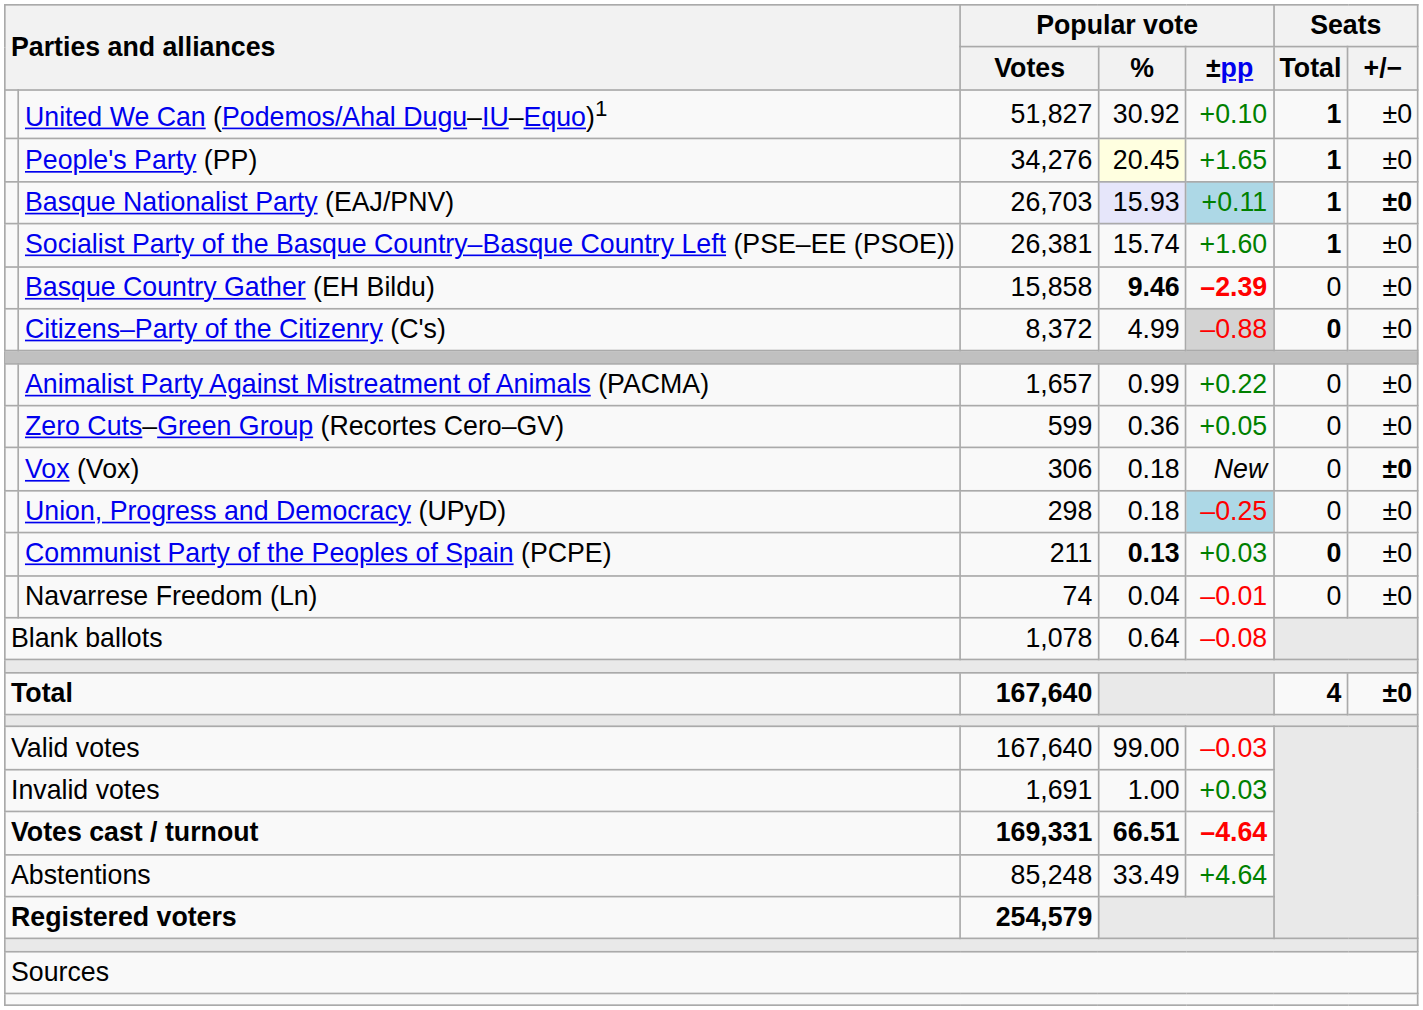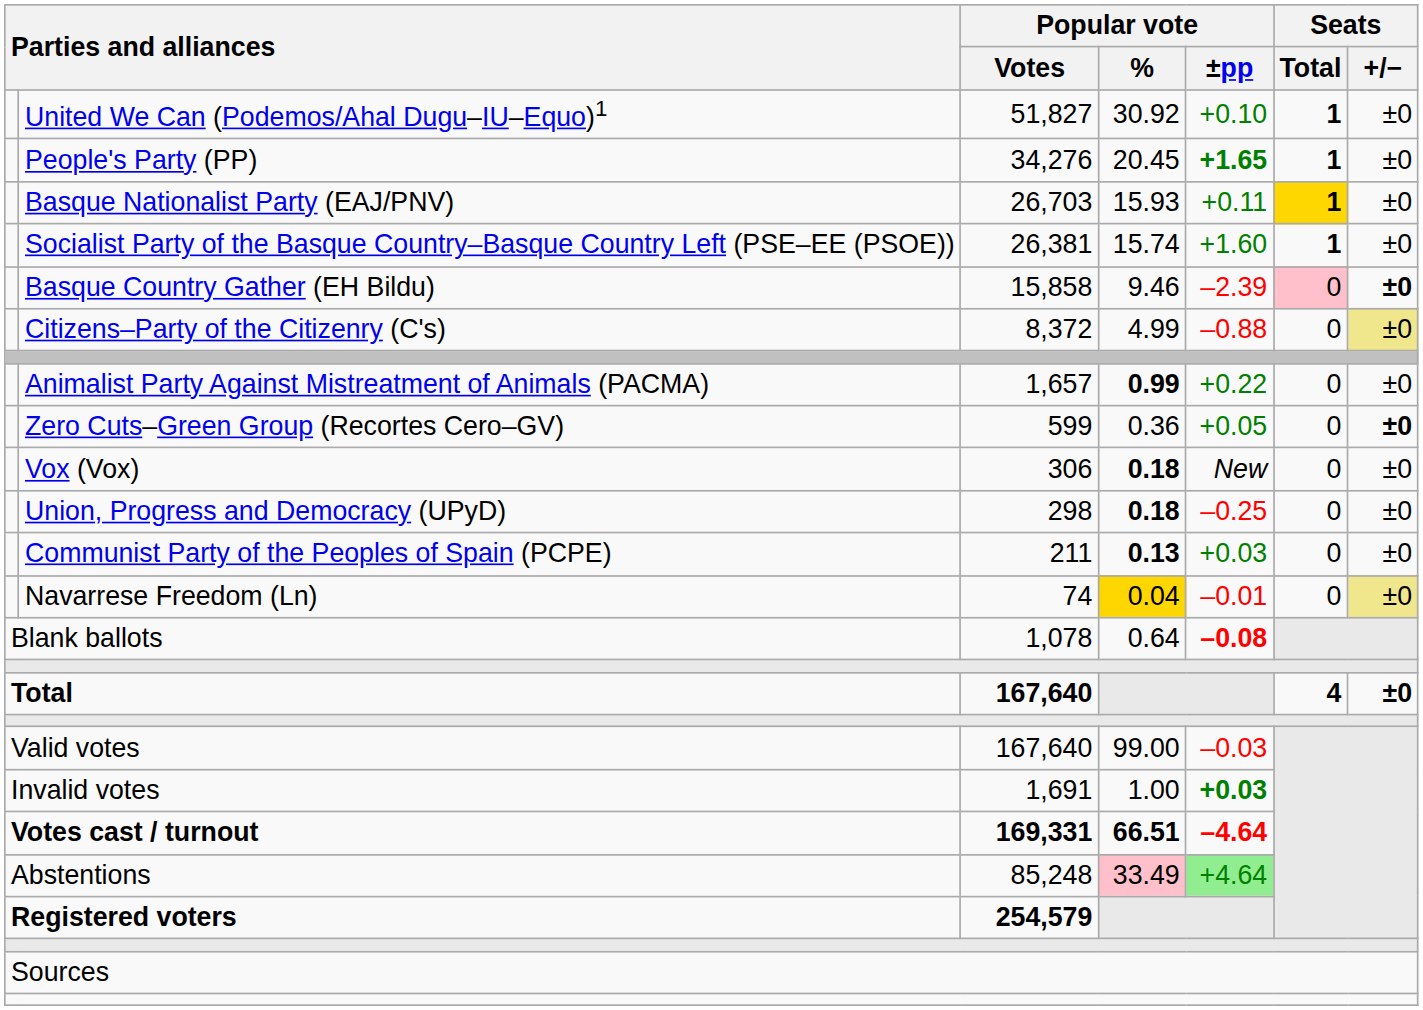 <table class="wikitable" style="text-align:right;">
 <tr>
 <th style="text-align:left;" rowspan="2" colspan="2" width="525">Parties and alliances</th>
 <th colspan="3">Popular vote</th>
 <th colspan="2">Seats</th>
 </tr>
 <tr>
 <th width="75">Votes</th>
 <th width="45">%</th>
 <th width="45">±<a href='#'>pp</a></th>
 <th width="35">Total</th>
 <th width="35">+/−</th>
 </tr>
 <tr>
 <td width="1" style="color:inherit;background:"></td>
 <td align="left"><a href='#'>United We Can</a> (<a href='#'>Podemos/Ahal Dugu</a>–<a href='#'>IU</a>–<a href='#'>Equo</a>)<sup>1</sup></td>
 <td>51,827</td>
 <td>30.92</td>
 <td style="color:green;">+0.10</td>
 <td><strong>1</strong></td>
 <td>±0</td>
 </tr>
 <tr>
 <td style="color:inherit;background:"></td>
 <td align="left"><a href='#'>People's Party</a> (PP)</td>
 <td>34,276</td>
-<td style="background: lightyellow;">20.45</td>
-<td style="color:green;">+1.65</td>
+<td>20.45</td>
+<td style="color:green;"><strong>+1.65</strong></td>
 <td><strong>1</strong></td>
 <td>±0</td>
 </tr>
 <tr>
 <td style="color:inherit;background:"></td>
 <td align="left"><a href='#'>Basque Nationalist Party</a> (EAJ/PNV)</td>
 <td>26,703</td>
-<td style="background: lavender;">15.93</td>
-<td style="background: lightblue; color:green;">+0.11</td>
-<td><strong>1</strong></td>
-<td><strong>±0</strong></td>
+<td>15.93</td>
+<td style="color:green;">+0.11</td>
+<td style="background: gold;"><strong>1</strong></td>
+<td>±0</td>
 </tr>
 <tr>
 <td style="color:inherit;background:"></td>
 <td align="left"><a href='#'>Socialist Party of the Basque Country–Basque Country Left</a> (PSE–EE (PSOE))</td>
 <td>26,381</td>
 <td>15.74</td>
 <td style="color:green;">+1.60</td>
 <td><strong>1</strong></td>
 <td>±0</td>
 </tr>
 <tr>
 <td style="color:inherit;background:"></td>
 <td align="left"><a href='#'>Basque Country Gather</a> (EH Bildu)</td>
 <td>15,858</td>
-<td><strong>9.46</strong></td>
-<td style="color:red;"><strong>–2.39</strong></td>
-<td>0</td>
-<td>±0</td>
+<td>9.46</td>
+<td style="color:red;">–2.39</td>
+<td style="background: pink;">0</td>
+<td><strong>±0</strong></td>
 </tr>
 <tr>
 <td style="color:inherit;background:"></td>
 <td align="left"><a href='#'>Citizens–Party of the Citizenry</a> (C's)</td>
 <td>8,372</td>
 <td>4.99</td>
-<td style="background: lightgrey; color:red;">–0.88</td>
-<td><strong>0</strong></td>
-<td>±0</td>
+<td style="color:red;">–0.88</td>
+<td>0</td>
+<td style="background: khaki;">±0</td>
 </tr>
 <tr>
 <td colspan="7" bgcolor="#C0C0C0"></td>
 </tr>
 <tr>
 <td style="color:inherit;background:"></td>
 <td align="left"><a href='#'>Animalist Party Against Mistreatment of Animals</a> (PACMA)</td>
 <td>1,657</td>
-<td>0.99</td>
+<td><strong>0.99</strong></td>
 <td style="color:green;">+0.22</td>
 <td>0</td>
 <td>±0</td>
 </tr>
 <tr>
 <td style="color:inherit;background:"></td>
 <td align="left"><a href='#'>Zero Cuts</a>–<a href='#'>Green Group</a> (Recortes Cero–GV)</td>
 <td>599</td>
 <td>0.36</td>
 <td style="color:green;">+0.05</td>
 <td>0</td>
-<td>±0</td>
+<td><strong>±0</strong></td>
 </tr>
 <tr>
 <td style="color:inherit;background:"></td>
 <td align="left"><a href='#'>Vox</a> (Vox)</td>
 <td>306</td>
-<td>0.18</td>
+<td><strong>0.18</strong></td>
 <td><em>New</em></td>
 <td>0</td>
-<td><strong>±0</strong></td>
+<td>±0</td>
 </tr>
 <tr>
 <td style="color:inherit;background:"></td>
 <td align="left"><a href='#'>Union, Progress and Democracy</a> (UPyD)</td>
 <td>298</td>
-<td>0.18</td>
-<td style="background: lightblue; color:red;">–0.25</td>
+<td><strong>0.18</strong></td>
+<td style="color:red;">–0.25</td>
 <td>0</td>
 <td>±0</td>
 </tr>
 <tr>
 <td style="color:inherit;background:"></td>
 <td align="left"><a href='#'>Communist Party of the Peoples of Spain</a> (PCPE)</td>
 <td>211</td>
 <td><strong>0.13</strong></td>
 <td style="color:green;">+0.03</td>
-<td><strong>0</strong></td>
+<td>0</td>
 <td>±0</td>
 </tr>
 <tr>
 <td style="color:inherit;background:"></td>
 <td align="left">Navarrese Freedom (Ln)</td>
 <td>74</td>
-<td>0.04</td>
+<td style="background: gold;">0.04</td>
 <td style="color:red;">–0.01</td>
 <td>0</td>
-<td>±0</td>
+<td style="background: khaki;">±0</td>
 </tr>
 <tr>
 <td align="left" colspan="2">Blank ballots</td>
 <td>1,078</td>
 <td>0.64</td>
-<td style="color:red;">–0.08</td>
+<td style="color:red;"><strong>–0.08</strong></td>
 <td bgcolor="#E9E9E9" colspan="2"></td>
 </tr>
 <tr>
 <td colspan="7" bgcolor="#E9E9E9"></td>
 </tr>
 <tr style="font-weight:bold;">
 <td align="left" colspan="2">Total</td>
 <td>167,640</td>
 <td bgcolor="#E9E9E9" colspan="2"></td>
 <td>4</td>
 <td>±0</td>
 </tr>
 <tr>
 <td colspan="7" bgcolor="#E9E9E9"></td>
 </tr>
 <tr>
 <td align="left" colspan="2">Valid votes</td>
 <td>167,640</td>
 <td>99.00</td>
 <td style="color:red;">–0.03</td>
 <td bgcolor="#E9E9E9" colspan="2" rowspan="5"></td>
 </tr>
 <tr>
 <td align="left" colspan="2">Invalid votes</td>
 <td>1,691</td>
 <td>1.00</td>
-<td style="color:green;">+0.03</td>
+<td style="color:green;"><strong>+0.03</strong></td>
 </tr>
 <tr style="font-weight:bold;">
 <td align="left" colspan="2">Votes cast / turnout</td>
 <td>169,331</td>
 <td>66.51</td>
 <td style="color:red;">–4.64</td>
 </tr>
 <tr>
 <td align="left" colspan="2">Abstentions</td>
 <td>85,248</td>
-<td>33.49</td>
-<td style="color:green;">+4.64</td>
+<td style="background: pink;">33.49</td>
+<td style="background: lightgreen; color:green;">+4.64</td>
 </tr>
 <tr style="font-weight:bold;">
 <td align="left" colspan="2">Registered voters</td>
 <td>254,579</td>
 <td bgcolor="#E9E9E9" colspan="2"></td>
 </tr>
 <tr>
 <td colspan="7" bgcolor="#E9E9E9"></td>
 </tr>
 <tr>
 <td align="left" colspan="7">Sources</td>
 </tr>
 <tr>
 <td colspan="7" style="text-align:left; max-width:790px;"></td>
 </tr>
 </table>
